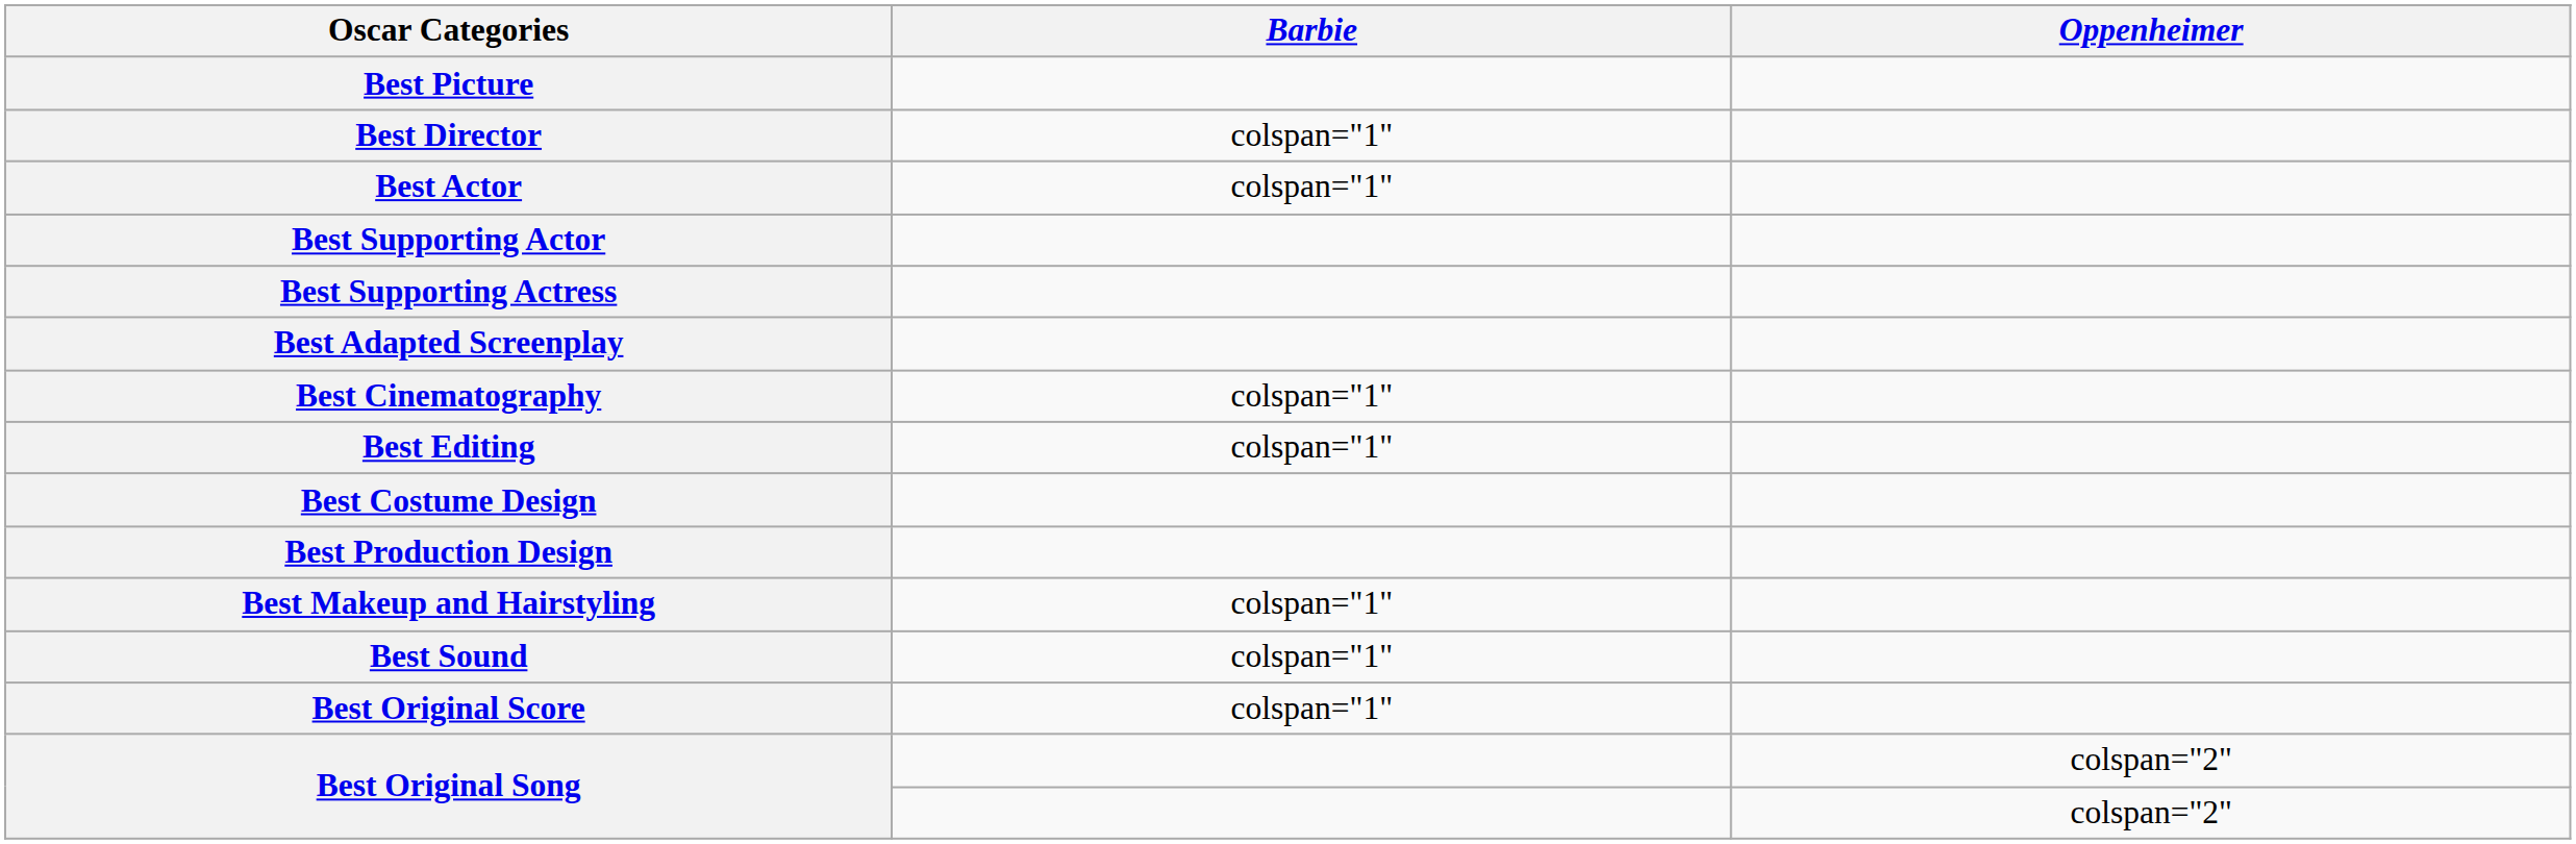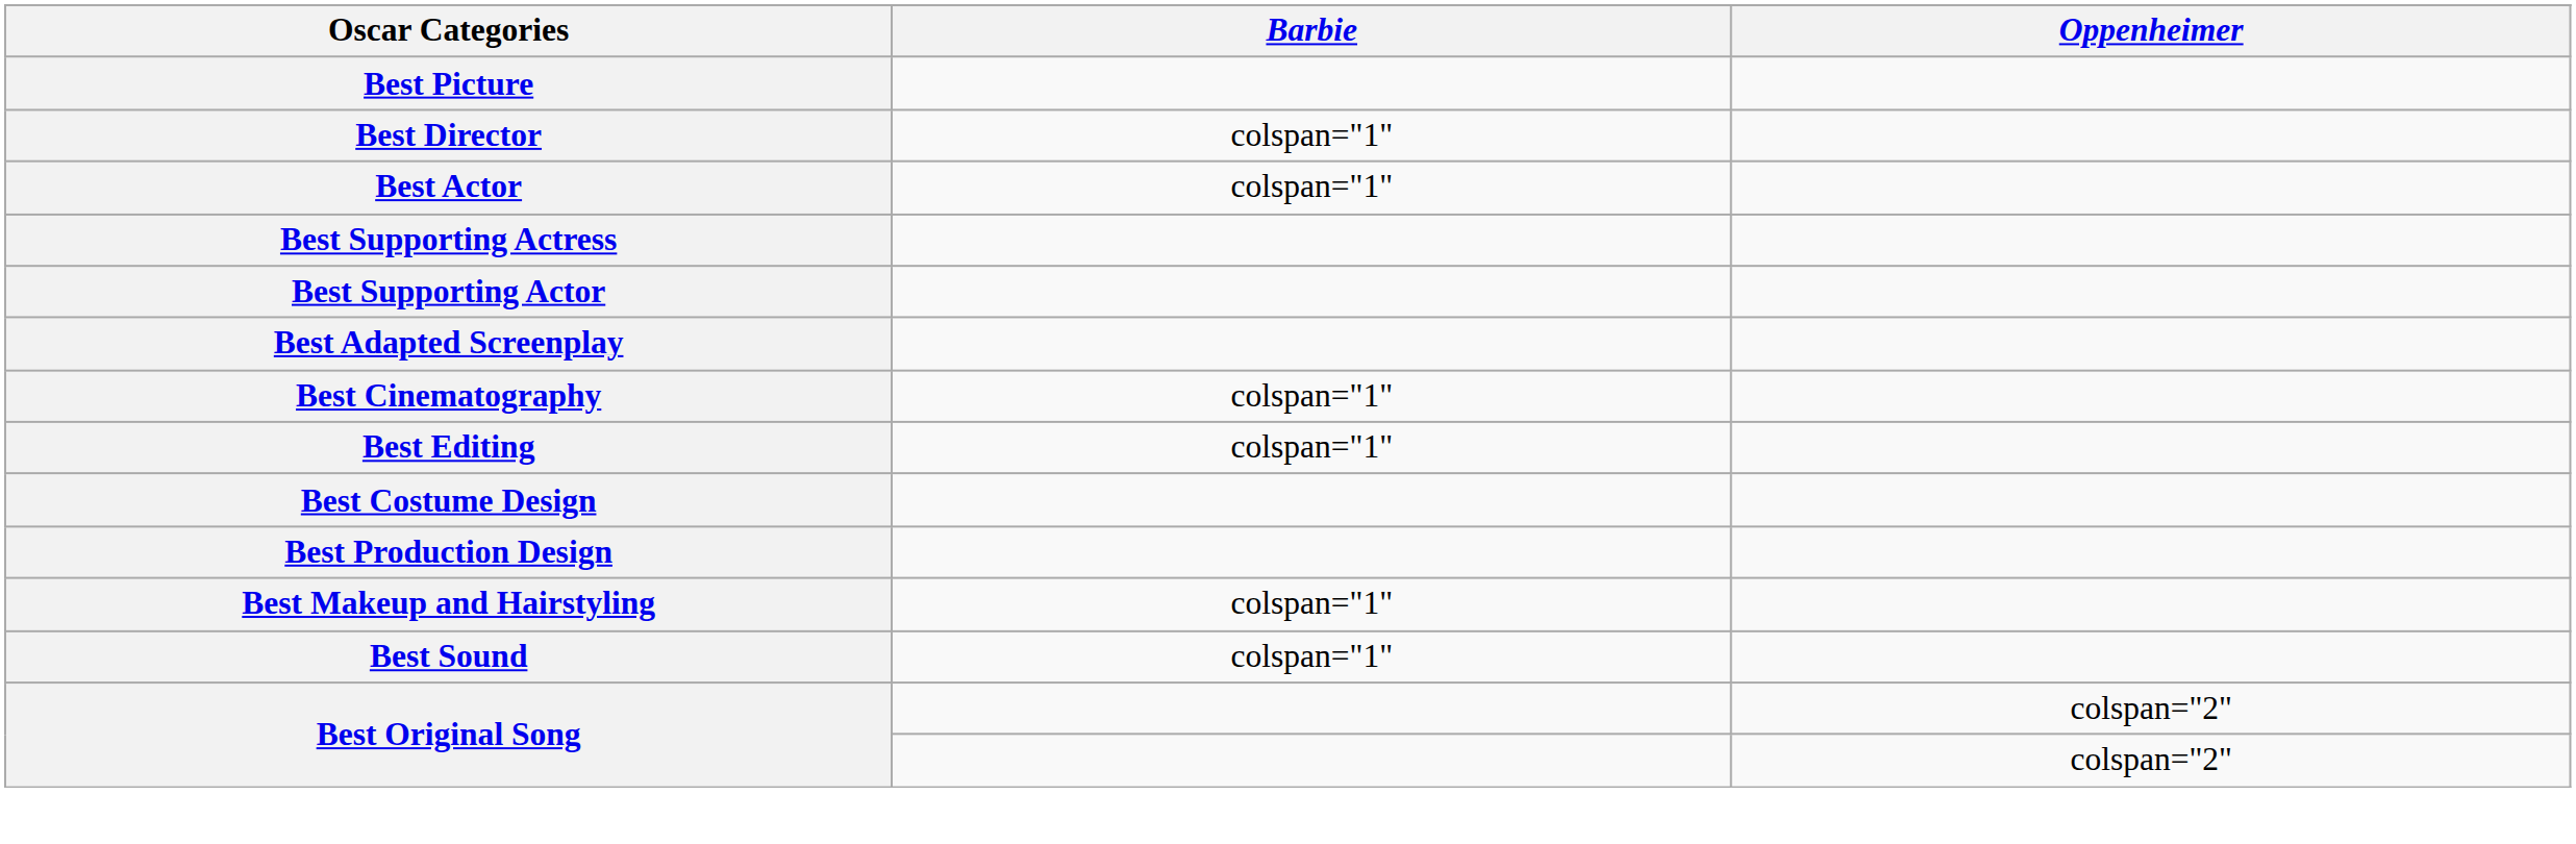 <table class="wikitable" style="text-align: center; width: 99%;">
 <tr>
 <th scope="col" rowspan="2" style="width: 15%;">Oscar Categories</th>
 </tr>
 <tr>
 <th scope="col" style="width: 14.2%;"><em><a href='#'>Barbie</a></em></th>
 <th scope="col" style="width: 14.2%;"><em><a href='#'>Oppenheimer</a></em></th>
 </tr>
 <tr>
 <th scope="row"><a href='#'>Best Picture</a></th>
 <td></td>
 <td></td>
 </tr>
 <tr>
 <th scope="row"><a href='#'>Best Director</a></th>
 <td>colspan="1" </td>
 <td></td>
 </tr>
 <tr>
 <th scope="row"><a href='#'>Best Actor</a></th>
 <td>colspan="1" </td>
 <td></td>
 </tr>
 <tr>
-<th scope="row"><a href='#'>Best Supporting Actor</a></th>
+<th scope="row"><a href='#'>Best Supporting Actress</a></th>
 <td></td>
 <td></td>
 </tr>
 <tr>
-<th scope="row"><a href='#'>Best Supporting Actress</a></th>
+<th scope="row"><a href='#'>Best Supporting Actor</a></th>
 <td></td>
 <td></td>
 </tr>
 <tr>
 <th scope="row"><a href='#'>Best Adapted Screenplay</a></th>
 <td></td>
 <td></td>
 </tr>
 <tr>
 <th scope="row"><a href='#'>Best Cinematography</a></th>
 <td>colspan="1" </td>
 <td></td>
 </tr>
 <tr>
 <th scope="row"><a href='#'>Best Editing</a></th>
 <td>colspan="1" </td>
 <td></td>
 </tr>
 <tr>
 <th scope="row"><a href='#'>Best Costume Design</a></th>
 <td></td>
 <td></td>
 </tr>
 <tr>
 <th scope="row"><a href='#'>Best Production Design</a></th>
 <td></td>
 <td></td>
 </tr>
 <tr>
 <th scope="row"><a href='#'>Best Makeup and Hairstyling</a></th>
 <td>colspan="1" </td>
 <td></td>
 </tr>
 <tr>
 <th scope="row"><a href='#'>Best Sound</a></th>
 <td>colspan="1" </td>
 <td></td>
 </tr>
 <tr>
-<th scope="row"><a href='#'>Best Original Score</a></th>
-<td>colspan="1" </td>
-<td></td>
-</tr>
-<tr>
 <th scope="row" rowspan=2><a href='#'>Best Original Song</a></th>
 <td></td>
 <td>colspan="2" </td>
 </tr>
 <tr>
 <td></td>
 <td>colspan="2" </td>
 </tr>
 </table>
